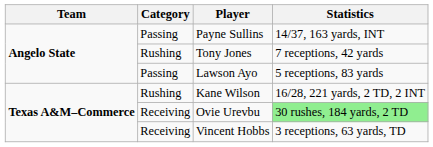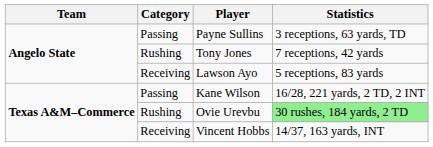 <table class="wikitable" style="float: right;">
 <tr>
 <th>Team</th>
 <th>Category</th>
 <th>Player</th>
 <th>Statistics</th>
 </tr>
 <tr>
 <td rowspan=3><strong>Angelo State</strong></td>
 <td>Passing</td>
 <td>Payne Sullins</td>
-<td>14/37, 163 yards, INT</td>
+<td>3 receptions, 63 yards, TD</td>
 </tr>
 <tr>
 <td>Rushing</td>
 <td>Tony Jones</td>
 <td>7 receptions, 42 yards</td>
 </tr>
 <tr>
-<td>Passing</td>
+<td>Receiving</td>
 <td>Lawson Ayo</td>
 <td>5 receptions, 83 yards</td>
 </tr>
 <tr>
 <td rowspan=3><strong>Texas A&M–Commerce</strong></td>
-<td>Rushing</td>
+<td>Passing</td>
 <td>Kane Wilson</td>
 <td>16/28, 221 yards, 2 TD, 2 INT</td>
 </tr>
 <tr>
-<td>Receiving</td>
+<td>Rushing</td>
 <td>Ovie Urevbu</td>
 <td style="background: lightgreen;">30 rushes, 184 yards, 2 TD</td>
 </tr>
 <tr>
 <td>Receiving</td>
 <td>Vincent Hobbs</td>
-<td>3 receptions, 63 yards, TD</td>
+<td>14/37, 163 yards, INT</td>
 </tr>
 </table>
